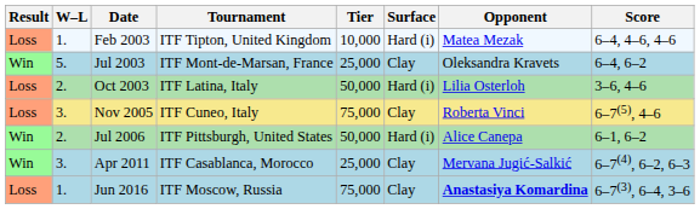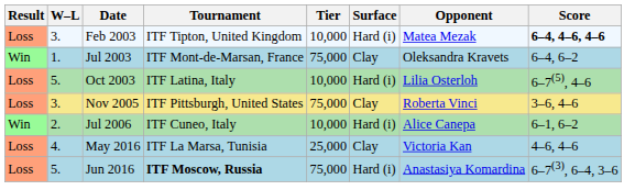 <table class="sortable wikitable">
 <tr>
 <th>Result</th>
 <th class="unsortable">W–L</th>
 <th>Date</th>
 <th>Tournament</th>
 <th>Tier</th>
 <th>Surface</th>
 <th>Opponent</th>
 <th class="unsortable">Score</th>
 </tr>
 <tr style="background:#f0f8ff;">
 <td bgcolor=FFA07A>Loss</td>
-<td>1.</td>
+<td>3.</td>
 <td>Feb 2003</td>
 <td>ITF Tipton, United Kingdom</td>
 <td>10,000</td>
 <td>Hard (i)</td>
 <td> <a href='#'>Matea Mezak</a></td>
-<td>6–4, 4–6, 4–6</td>
+<td><strong>6–4, 4–6, 4–6</strong></td>
 </tr>
 <tr style="background:lightblue">
 <td bgcolor=98FB98>Win</td>
-<td>5.</td>
+<td>1.</td>
 <td>Jul 2003</td>
 <td>ITF Mont-de-Marsan, France</td>
-<td>25,000</td>
+<td>75,000</td>
 <td>Clay</td>
 <td> Oleksandra Kravets</td>
 <td>6–4, 6–2</td>
 </tr>
 <tr style="background:#addfad">
 <td bgcolor=FFA07A>Loss</td>
-<td>2.</td>
+<td>5.</td>
 <td>Oct 2003</td>
 <td>ITF Latina, Italy</td>
-<td>50,000</td>
+<td>10,000</td>
 <td>Hard (i)</td>
 <td> <a href='#'>Lilia Osterloh</a></td>
-<td>3–6, 4–6</td>
+<td>6–7<sup>(5)</sup>, 4–6</td>
 </tr>
 <tr style="background:#f7e98e">
 <td bgcolor=FFA07A>Loss</td>
 <td>3.</td>
 <td>Nov 2005</td>
-<td>ITF Cuneo, Italy</td>
+<td>ITF Pittsburgh, United States</td>
 <td>75,000</td>
 <td>Clay</td>
 <td> <a href='#'>Roberta Vinci</a></td>
-<td>6–7<sup>(5)</sup>, 4–6</td>
+<td>3–6, 4–6</td>
 </tr>
 <tr style="background:#addfad">
 <td bgcolor=98FB98>Win</td>
 <td>2.</td>
 <td>Jul 2006</td>
-<td>ITF Pittsburgh, United States</td>
-<td>50,000</td>
+<td>ITF Cuneo, Italy</td>
+<td>10,000</td>
 <td>Hard (i)</td>
 <td> <a href='#'>Alice Canepa</a></td>
 <td>6–1, 6–2</td>
 </tr>
 <tr style="background:lightblue">
-<td bgcolor=98FB98>Win</td>
-<td>3.</td>
-<td>Apr 2011</td>
-<td>ITF Casablanca, Morocco</td>
+<td bgcolor=FFA07A>Loss</td>
+<td>4.</td>
+<td>May 2016</td>
+<td>ITF La Marsa, Tunisia</td>
 <td>25,000</td>
 <td>Clay</td>
-<td> <a href='#'>Mervana Jugić-Salkić</a></td>
-<td>6–7<sup>(4)</sup>, 6–2, 6–3</td>
+<td> <a href='#'>Victoria Kan</a></td>
+<td>4–6, 4–6</td>
 </tr>
 <tr style="background:lightblue">
 <td bgcolor=FFA07A>Loss</td>
-<td>1.</td>
+<td>5.</td>
 <td>Jun 2016</td>
-<td>ITF Moscow, Russia</td>
+<td><strong>ITF Moscow, Russia</strong></td>
 <td>75,000</td>
-<td>Clay</td>
-<td><strong> <a href='#'>Anastasiya Komardina</a></strong></td>
+<td>Hard (i)</td>
+<td> <a href='#'>Anastasiya Komardina</a></td>
 <td>6–7<sup>(3)</sup>, 6–4, 3–6</td>
 </tr>
 </table>
